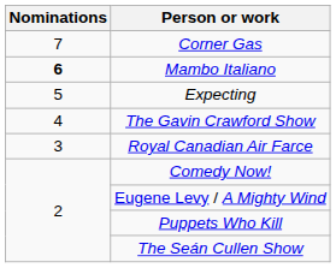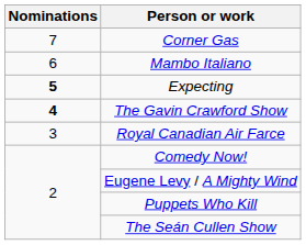 <table class="wikitable sortable" style="text-align:center;" background: #f6e39c;>
 <tr>
 <th scope="col" style="width:55px;">Nominations</th>
 <th scope="col" style="text-align:center;">Person or work</th>
 </tr>
 <tr>
 <td style="text-align:center">7</td>
 <td><em><a href='#'>Corner Gas</a></em></td>
 </tr>
 <tr>
-<td style="text-align:center"><strong>6</strong></td>
+<td style="text-align:center">6</td>
 <td><em><a href='#'>Mambo Italiano</a></em></td>
 </tr>
 <tr>
-<td style="text-align:center">5</td>
+<td style="text-align:center"><strong>5</strong></td>
 <td><em>Expecting</em></td>
 </tr>
 <tr>
-<td style="text-align:center">4</td>
+<td style="text-align:center"><strong>4</strong></td>
 <td><em><a href='#'>The Gavin Crawford Show</a></em></td>
 </tr>
 <tr>
 <td style="text-align:center">3</td>
 <td><em><a href='#'>Royal Canadian Air Farce</a></em></td>
 </tr>
 <tr>
 <td rowspan=4 style="text-align:center">2</td>
 <td><em><a href='#'>Comedy Now!</a></em></td>
 </tr>
 <tr>
 <td><a href='#'>Eugene Levy</a> / <em><a href='#'>A Mighty Wind</a></em></td>
 </tr>
 <tr>
 <td><em><a href='#'>Puppets Who Kill</a></em></td>
 </tr>
 <tr>
 <td><em><a href='#'>The Seán Cullen Show</a></em></td>
 </tr>
 </table>
